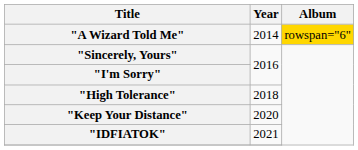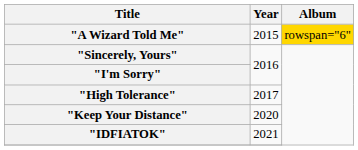 <table class="wikitable plainrowheaders" style="text-align:center;">
 <tr>
 <th scope="col" style="width:19em;">Title</th>
 <th scope="col">Year</th>
 <th scope="col">Album</th>
 </tr>
 <tr>
 <th scope="row">"A Wizard Told Me"</th>
-<td>2014</td>
+<td>2015</td>
 <td style="background: gold;">rowspan="6" </td>
 </tr>
 <tr>
 <th scope="row">"Sincerely, Yours"</th>
 <td rowspan="2">2016</td>
 </tr>
 <tr>
 <th scope="row">"I'm Sorry"</th>
 </tr>
 <tr>
 <th scope="row">"High Tolerance"</th>
-<td>2018</td>
+<td>2017</td>
 </tr>
 <tr>
 <th scope="row">"Keep Your Distance"</th>
 <td>2020</td>
 </tr>
 <tr>
 <th scope= "row">"IDFIATOK"</th>
 <td>2021</td>
 </tr>
 <tr>
 </tr>
 </table>
